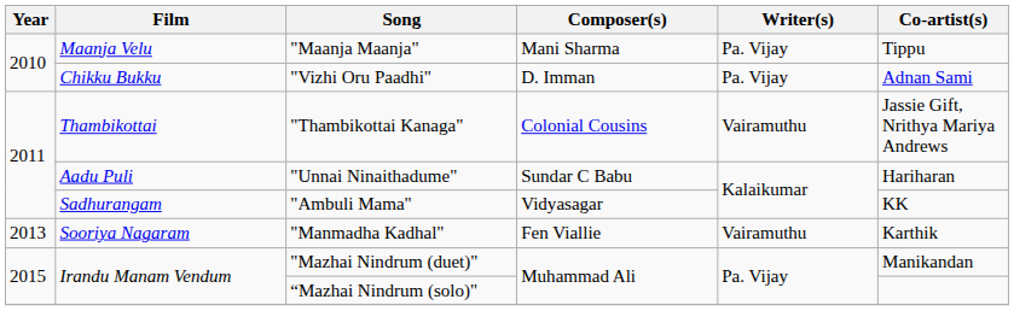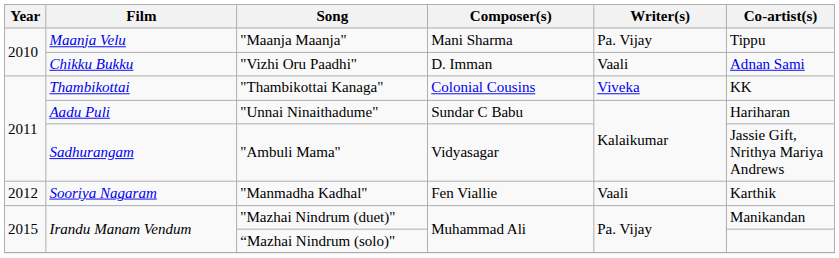 <table class="wikitable plainrowheaders" width="100%" textcolor:#000;">
 <tr style="background:#b0e0e66;">
 <th scope="col" width=5%><strong>Year</strong></th>
 <th scope="col" width=23%><strong>Film</strong></th>
 <th scope="col" width=23%><strong>Song</strong></th>
 <th scope="col" width=20%><strong>Composer(s)</strong></th>
 <th scope="col" width=16%><strong>Writer(s)</strong></th>
 <th scope="col" width=18%><strong>Co-artist(s)</strong></th>
 </tr>
 <tr>
 <td rowspan="2">2010</td>
 <td><em><a href='#'>Maanja Velu</a></em></td>
 <td>"Maanja Maanja"</td>
 <td>Mani Sharma</td>
 <td>Pa. Vijay</td>
 <td>Tippu</td>
 </tr>
 <tr>
 <td><em><a href='#'>Chikku Bukku</a></em></td>
 <td>"Vizhi Oru Paadhi"</td>
 <td>D. Imman</td>
-<td>Pa. Vijay</td>
+<td>Vaali</td>
 <td><a href='#'>Adnan Sami</a></td>
 </tr>
 <tr>
 <td rowspan="3">2011</td>
 <td><em><a href='#'>Thambikottai</a></em></td>
 <td>"Thambikottai Kanaga"</td>
 <td><a href='#'>Colonial Cousins</a></td>
-<td>Vairamuthu</td>
-<td>Jassie Gift, Nrithya Mariya Andrews</td>
+<td><a href='#'>Viveka</a></td>
+<td>KK</td>
 </tr>
 <tr>
 <td><em><a href='#'>Aadu Puli</a></em></td>
 <td>"Unnai Ninaithadume"</td>
 <td>Sundar C Babu</td>
 <td rowspan="2">Kalaikumar</td>
 <td>Hariharan</td>
 </tr>
 <tr>
 <td><em><a href='#'>Sadhurangam</a></em></td>
 <td>"Ambuli Mama"</td>
 <td>Vidyasagar</td>
-<td>KK</td>
+<td>Jassie Gift, Nrithya Mariya Andrews</td>
 </tr>
 <tr>
-<td>2013</td>
+<td>2012</td>
 <td><em><a href='#'>Sooriya Nagaram</a></em></td>
 <td>"Manmadha Kadhal"</td>
 <td>Fen Viallie</td>
-<td>Vairamuthu</td>
+<td>Vaali</td>
 <td>Karthik</td>
 </tr>
 <tr>
 <td rowspan="2">2015</td>
 <td rowspan="2"><em>Irandu Manam Vendum</em></td>
 <td>"Mazhai Nindrum (duet)"</td>
 <td rowspan="2">Muhammad Ali</td>
 <td rowspan="2">Pa. Vijay</td>
 <td>Manikandan</td>
 </tr>
 <tr>
 <td>“Mazhai Nindrum (solo)"</td>
 <td></td>
 </tr>
 <tr>
 </tr>
 </table>
